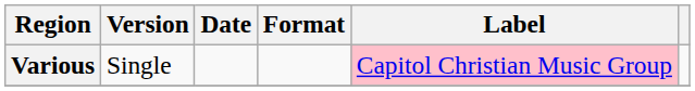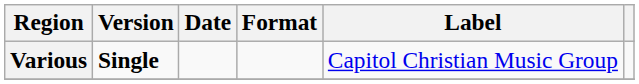 <table class="wikitable plainrowheaders">
 <tr>
 <th scope="col">Region</th>
 <th scope="col">Version</th>
 <th scope="col">Date</th>
 <th scope="col">Format</th>
 <th scope="col">Label</th>
 <th scope="col"></th>
 </tr>
 <tr>
 <th scope="row">Various</th>
-<td>Single</td>
+<td><strong>Single</strong></td>
 <td></td>
 <td></td>
-<td style="background: pink;"><a href='#'>Capitol Christian Music Group</a></td>
+<td><a href='#'>Capitol Christian Music Group</a></td>
 <td></td>
 </tr>
 <tr>
 </tr>
 </table>
